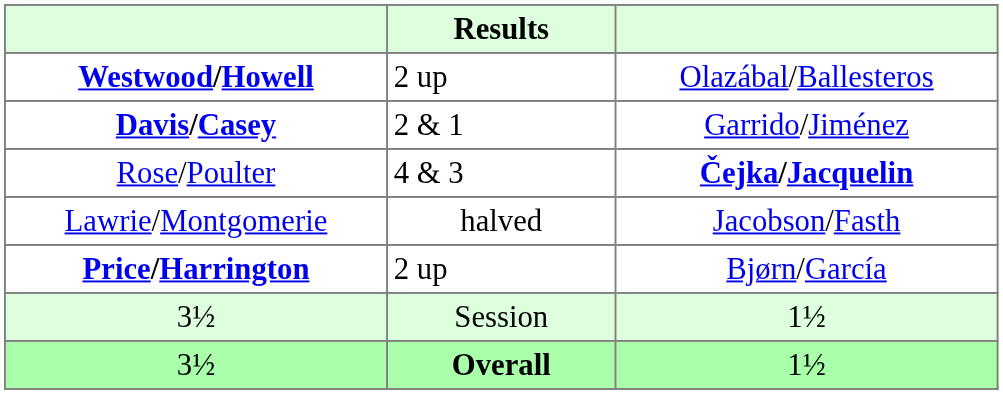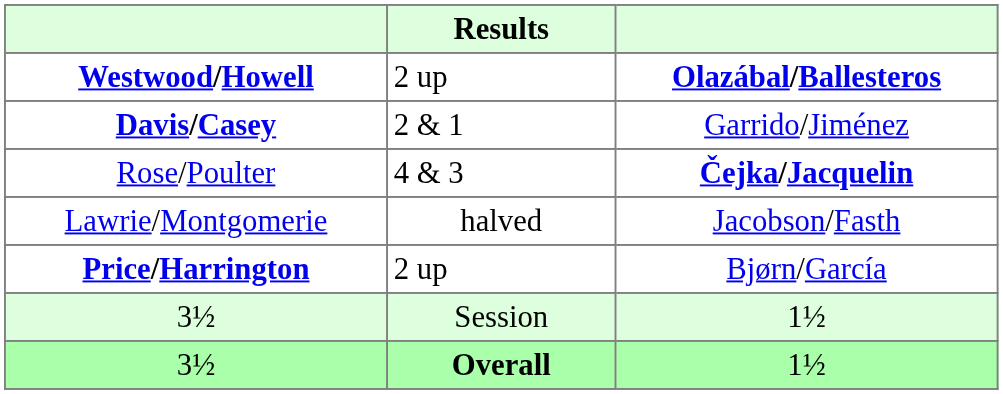 <table border="1" cellpadding="3" style="border-collapse:collapse; text-align:center;">
 <tr style="background:#ddffdd;">
 <th style="width:12em;"> </th>
 <th style="width:7em;">Results</th>
 <th style="width:12em;"></th>
 </tr>
 <tr>
 <td><strong><a href='#'>Westwood</a>/<a href='#'>Howell</a></strong></td>
 <td align=left> 2 up</td>
-<td><a href='#'>Olazábal</a>/<a href='#'>Ballesteros</a></td>
+<td><strong><a href='#'>Olazábal</a>/<a href='#'>Ballesteros</a></strong></td>
 </tr>
 <tr>
 <td><strong><a href='#'>Davis</a>/<a href='#'>Casey</a></strong></td>
 <td align=left> 2 & 1</td>
 <td><a href='#'>Garrido</a>/<a href='#'>Jiménez</a></td>
 </tr>
 <tr>
 <td><a href='#'>Rose</a>/<a href='#'>Poulter</a></td>
 <td align=left> 4 & 3</td>
 <td><strong><a href='#'>Čejka</a>/<a href='#'>Jacquelin</a></strong></td>
 </tr>
 <tr>
 <td><a href='#'>Lawrie</a>/<a href='#'>Montgomerie</a></td>
 <td>halved</td>
 <td><a href='#'>Jacobson</a>/<a href='#'>Fasth</a></td>
 </tr>
 <tr>
 <td><strong><a href='#'>Price</a>/<a href='#'>Harrington</a></strong></td>
 <td align=left> 2 up</td>
 <td><a href='#'>Bjørn</a>/<a href='#'>García</a></td>
 </tr>
 <tr style="background:#ddffdd;">
 <td>3½</td>
 <td>Session</td>
 <td>1½</td>
 </tr>
 <tr style="background:#aaffaa;">
 <td>3½</td>
 <th>Overall</th>
 <td>1½</td>
 </tr>
 </table>
